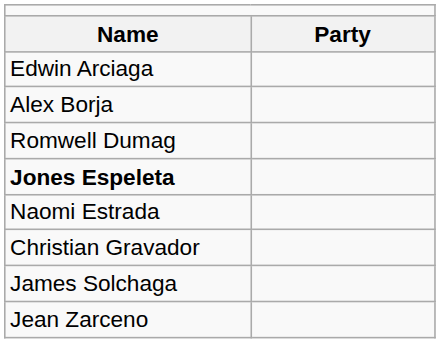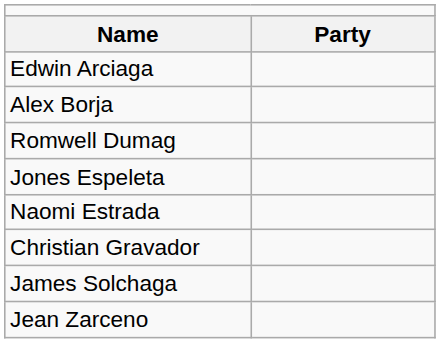 <table class=wikitable style="font-size:90%">
 <tr>
 <td colspan=4 bgcolor=></td>
 </tr>
 <tr>
 <th width=150px>Name</th>
 <th colspan=2 width=110px>Party</th>
 </tr>
 <tr>
 <td>Edwin Arciaga</td>
 <td></td>
 </tr>
 <tr>
 <td>Alex Borja</td>
 <td></td>
 </tr>
 <tr>
 <td>Romwell Dumag</td>
 <td></td>
 </tr>
 <tr>
-<td><strong>Jones Espeleta</strong></td>
+<td>Jones Espeleta</td>
 <td></td>
 </tr>
 <tr>
 <td>Naomi Estrada</td>
 <td></td>
 </tr>
 <tr>
 <td>Christian Gravador</td>
 <td></td>
 </tr>
 <tr>
 <td>James Solchaga</td>
 <td></td>
 </tr>
 <tr>
 <td>Jean Zarceno</td>
 <td></td>
 </tr>
 </table>
